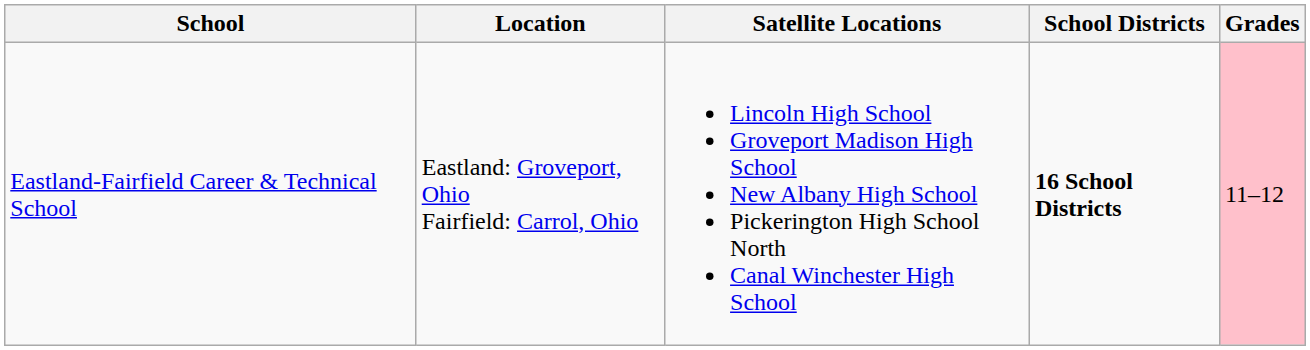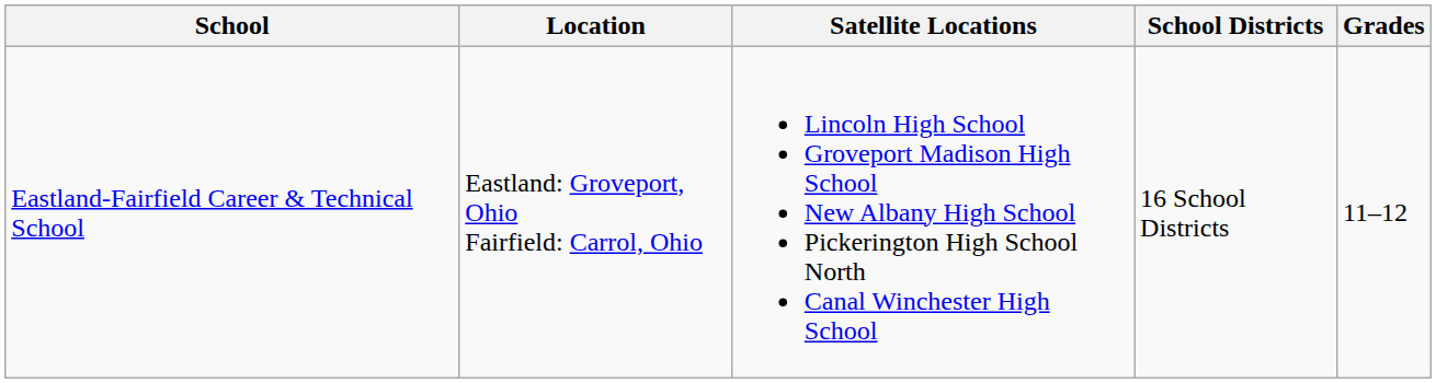 <table class="wikitable">
 <tr>
 <th>School</th>
 <th>Location</th>
 <th>Satellite Locations</th>
 <th>School Districts</th>
 <th>Grades</th>
 </tr>
 <tr>
 <td><a href='#'>Eastland-Fairfield Career & Technical School</a></td>
 <td>Eastland: <a href='#'>Groveport, Ohio</a><br>Fairfield: <a href='#'>Carrol, Ohio</a></td>
 <td><br><ul><li><a href='#'>Lincoln High School</a></li><li><a href='#'>Groveport Madison High School</a></li><li><a href='#'>New Albany High School</a></li><li>Pickerington High School North</li><li><a href='#'>Canal Winchester High School</a></li></ul></td>
-<td><strong>16 School Districts</strong></td>
-<td style="background: pink;">11–12</td>
+<td>16 School Districts</td>
+<td>11–12</td>
 </tr>
 </table>
